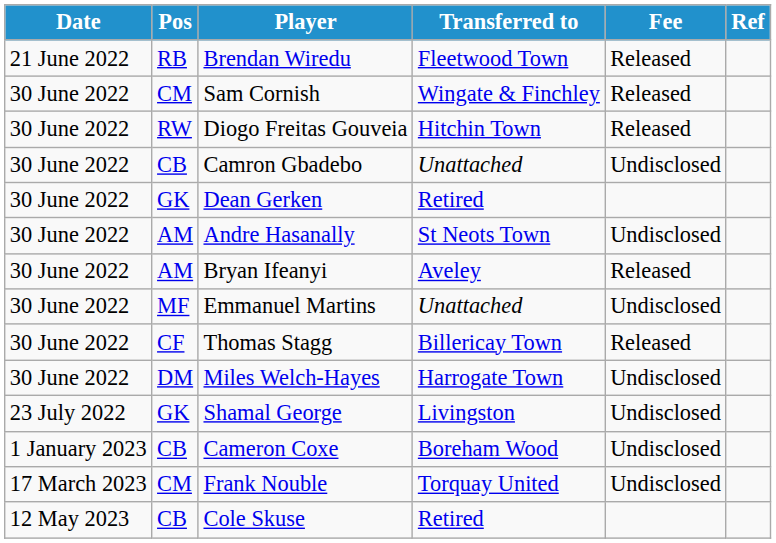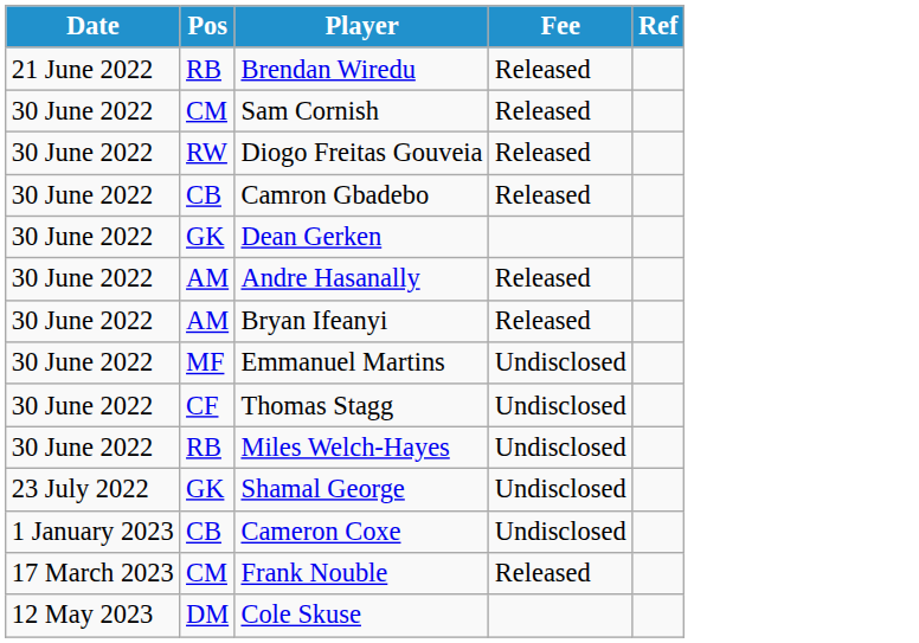 <table class="wikitable plainrowheaders sortable">
 <tr>
 <th style="background:#2191CC; color:#ffffff; ">Date</th>
 <th style="background:#2191CC; color:#ffffff; ">Pos</th>
 <th style="background:#2191CC; color:#ffffff; ">Player</th>
-<th style="background:#2191CC; color:#ffffff; ">Transferred to</th>
 <th style="background:#2191CC; color:#ffffff; ">Fee</th>
 <th style="background:#2191CC; color:#ffffff; ">Ref</th>
 </tr>
 <tr>
 <td>21 June 2022</td>
 <td><a href='#'>RB</a></td>
 <td> <a href='#'>Brendan Wiredu</a></td>
-<td> <a href='#'>Fleetwood Town</a></td>
 <td>Released</td>
 <td></td>
 </tr>
 <tr>
 <td>30 June 2022</td>
 <td><a href='#'>CM</a></td>
 <td> Sam Cornish</td>
-<td> <a href='#'>Wingate & Finchley</a></td>
 <td>Released</td>
 <td></td>
 </tr>
 <tr>
 <td>30 June 2022</td>
 <td><a href='#'>RW</a></td>
 <td> Diogo Freitas Gouveia</td>
-<td> <a href='#'>Hitchin Town</a></td>
 <td>Released</td>
 <td></td>
 </tr>
 <tr>
 <td>30 June 2022</td>
 <td><a href='#'>CB</a></td>
 <td> Camron Gbadebo</td>
-<td> <em>Unattached</em></td>
-<td>Undisclosed</td>
+<td>Released</td>
 <td></td>
 </tr>
 <tr>
 <td>30 June 2022</td>
 <td><a href='#'>GK</a></td>
 <td> <a href='#'>Dean Gerken</a></td>
-<td> <a href='#'>Retired</a></td>
 <td></td>
 <td></td>
 </tr>
 <tr>
 <td>30 June 2022</td>
 <td><a href='#'>AM</a></td>
 <td> <a href='#'>Andre Hasanally</a></td>
-<td> <a href='#'>St Neots Town</a></td>
-<td>Undisclosed</td>
+<td>Released</td>
 <td></td>
 </tr>
 <tr>
 <td>30 June 2022</td>
 <td><a href='#'>AM</a></td>
 <td> Bryan Ifeanyi</td>
-<td> <a href='#'>Aveley</a></td>
 <td>Released</td>
 <td></td>
 </tr>
 <tr>
 <td>30 June 2022</td>
 <td><a href='#'>MF</a></td>
 <td> Emmanuel Martins</td>
-<td> <em>Unattached</em></td>
 <td>Undisclosed</td>
 <td></td>
 </tr>
 <tr>
 <td>30 June 2022</td>
 <td><a href='#'>CF</a></td>
 <td> Thomas Stagg</td>
-<td> <a href='#'>Billericay Town</a></td>
-<td>Released</td>
+<td>Undisclosed</td>
 <td></td>
 </tr>
 <tr>
 <td>30 June 2022</td>
-<td><a href='#'>DM</a></td>
+<td><a href='#'>RB</a></td>
 <td> <a href='#'>Miles Welch-Hayes</a></td>
-<td> <a href='#'>Harrogate Town</a></td>
 <td>Undisclosed</td>
 <td></td>
 </tr>
 <tr>
 <td>23 July 2022</td>
 <td><a href='#'>GK</a></td>
 <td> <a href='#'>Shamal George</a></td>
-<td> <a href='#'>Livingston</a></td>
 <td>Undisclosed</td>
 <td></td>
 </tr>
 <tr>
 <td>1 January 2023</td>
 <td><a href='#'>CB</a></td>
 <td> <a href='#'>Cameron Coxe</a></td>
-<td> <a href='#'>Boreham Wood</a></td>
 <td>Undisclosed</td>
 <td></td>
 </tr>
 <tr>
 <td>17 March 2023</td>
 <td><a href='#'>CM</a></td>
 <td> <a href='#'>Frank Nouble</a></td>
-<td> <a href='#'>Torquay United</a></td>
-<td>Undisclosed</td>
+<td>Released</td>
 <td></td>
 </tr>
 <tr>
 <td>12 May 2023</td>
-<td><a href='#'>CB</a></td>
+<td><a href='#'>DM</a></td>
 <td> <a href='#'>Cole Skuse</a></td>
-<td> <a href='#'>Retired</a></td>
 <td></td>
 <td></td>
 </tr>
 </table>
